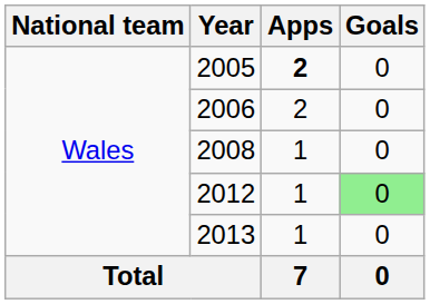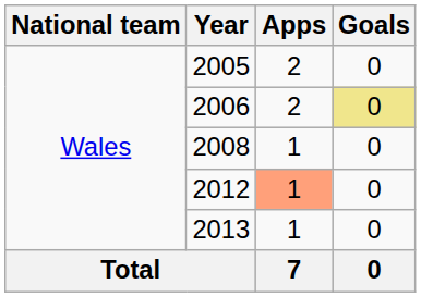 <table class="wikitable" style="text-align:center">
 <tr>
 <th>National team</th>
 <th>Year</th>
 <th>Apps</th>
 <th>Goals</th>
 </tr>
 <tr>
 <td rowspan="5"><a href='#'>Wales</a></td>
 <td>2005</td>
-<td><strong>2</strong></td>
+<td>2</td>
 <td>0</td>
 </tr>
 <tr>
 <td>2006</td>
 <td>2</td>
-<td>0</td>
+<td style="background: khaki;">0</td>
 </tr>
 <tr>
 <td>2008</td>
 <td>1</td>
 <td>0</td>
 </tr>
 <tr>
 <td>2012</td>
-<td>1</td>
-<td style="background: lightgreen;">0</td>
+<td style="background: lightsalmon;">1</td>
+<td>0</td>
 </tr>
 <tr>
 <td>2013</td>
 <td>1</td>
 <td>0</td>
 </tr>
 <tr>
 <th colspan="2">Total</th>
 <th>7</th>
 <th>0</th>
 </tr>
 </table>
